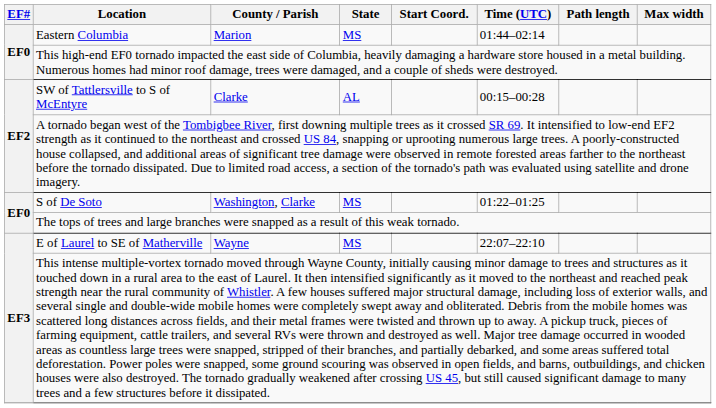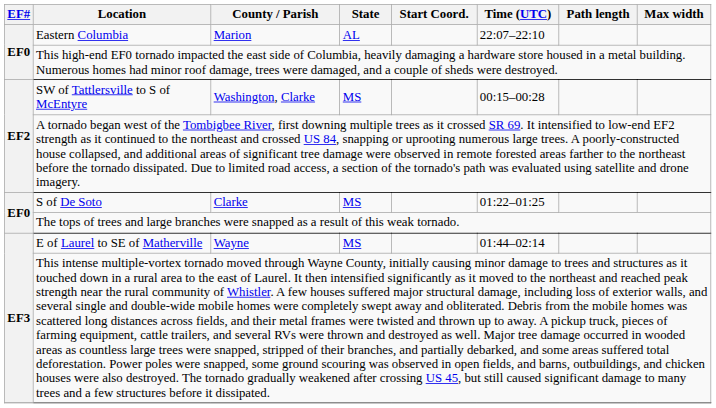 <table class="wikitable sortable" style="width:100%;">
 <tr>
 <th scope="col" width="2%" align="center"><a href='#'>EF#</a></th>
 <th scope="col" align="center" class="unsortable">Location</th>
 <th scope="col" align="center" class="unsortable">County / Parish</th>
 <th scope="col" align="center">State</th>
 <th scope="col" align="center">Start Coord.</th>
 <th scope="col" align="center">Time (<a href='#'>UTC</a>)</th>
 <th scope="col" align="center">Path length</th>
 <th scope="col" align="center">Max width</th>
 </tr>
 <tr>
 <th scope="row" rowspan="2" style="background-color:#">EF0</th>
 <td>Eastern <a href='#'>Columbia</a></td>
 <td><a href='#'>Marion</a></td>
-<td><a href='#'>MS</a></td>
+<td><a href='#'>AL</a></td>
 <td></td>
-<td>01:44–02:14</td>
+<td>22:07–22:10</td>
 <td></td>
 <td></td>
 </tr>
 <tr class="expand-child">
 <td colspan="8" style=" border-bottom: 1px solid black;">This high-end EF0 tornado impacted the east side of Columbia, heavily damaging a hardware store housed in a metal building. Numerous homes had minor roof damage, trees were damaged, and a couple of sheds were destroyed.</td>
 </tr>
 <tr>
 <th scope="row" rowspan="2" style="background-color:#">EF2</th>
 <td>SW of <a href='#'>Tattlersville</a> to S of <a href='#'>McEntyre</a></td>
-<td><a href='#'>Clarke</a></td>
-<td><a href='#'>AL</a></td>
+<td><a href='#'>Washington</a>, <a href='#'>Clarke</a></td>
+<td><a href='#'>MS</a></td>
 <td></td>
 <td>00:15–00:28</td>
 <td></td>
 <td></td>
 </tr>
 <tr class="expand-child">
 <td colspan="8" style=" border-bottom: 1px solid black;">A tornado began west of the <a href='#'>Tombigbee River</a>, first downing multiple trees as it crossed <a href='#'>SR 69</a>. It intensified to low-end EF2 strength as it continued to the northeast and crossed <a href='#'>US 84</a>, snapping or uprooting numerous large trees. A poorly-constructed house collapsed, and additional areas of significant tree damage were observed in remote forested areas farther to the northeast before the tornado dissipated. Due to limited road access, a section of the tornado's path was evaluated using satellite and drone imagery.</td>
 </tr>
 <tr>
 <th scope="row" rowspan="2" style="background-color:#">EF0</th>
 <td>S of <a href='#'>De Soto</a></td>
-<td><a href='#'>Washington</a>, <a href='#'>Clarke</a></td>
+<td><a href='#'>Clarke</a></td>
 <td><a href='#'>MS</a></td>
 <td></td>
 <td>01:22–01:25</td>
 <td></td>
 <td></td>
 </tr>
 <tr class="expand-child">
 <td colspan="8" style=" border-bottom: 1px solid black;">The tops of trees and large branches were snapped as a result of this weak tornado.</td>
 </tr>
 <tr>
 <th scope="row" rowspan="2" style="background-color:#">EF3</th>
 <td>E of <a href='#'>Laurel</a> to SE of <a href='#'>Matherville</a></td>
 <td><a href='#'>Wayne</a></td>
 <td><a href='#'>MS</a></td>
 <td></td>
-<td>22:07–22:10</td>
+<td>01:44–02:14</td>
 <td></td>
 <td></td>
 </tr>
 <tr class="expand-child">
 <td colspan="8" style="border-bottom: 1px solid black;">This intense multiple-vortex tornado moved through Wayne County, initially causing minor damage to trees and structures as it touched down in a rural area to the east of Laurel. It then intensified significantly as it moved to the northeast and reached peak strength near the rural community of <a href='#'>Whistler</a>. A few houses suffered major structural damage, including loss of exterior walls, and several single and double-wide mobile homes were completely swept away and obliterated. Debris from the mobile homes was scattered long distances across fields, and their metal frames were twisted and thrown up to  away. A pickup truck, pieces of farming equipment, cattle trailers, and several RVs were thrown and destroyed as well. Major tree damage occurred in wooded areas as countless large trees were snapped, stripped of their branches, and partially debarked, and some areas suffered total deforestation. Power poles were snapped, some ground scouring was observed in open fields, and barns, outbuildings, and chicken houses were also destroyed. The tornado gradually weakened after crossing <a href='#'>US 45</a>, but still caused significant damage to many trees and a few structures before it dissipated.</td>
 </tr>
 <tr>
 </tr>
 </table>
